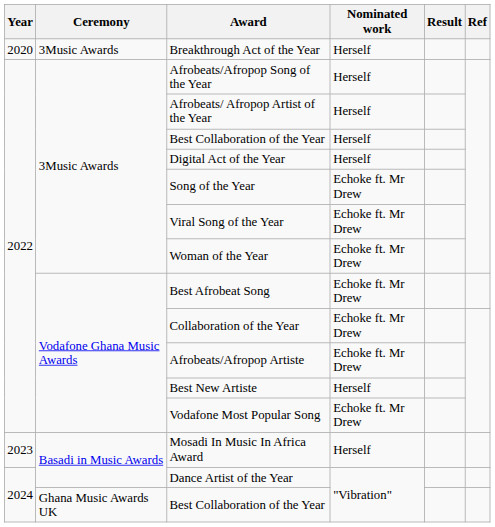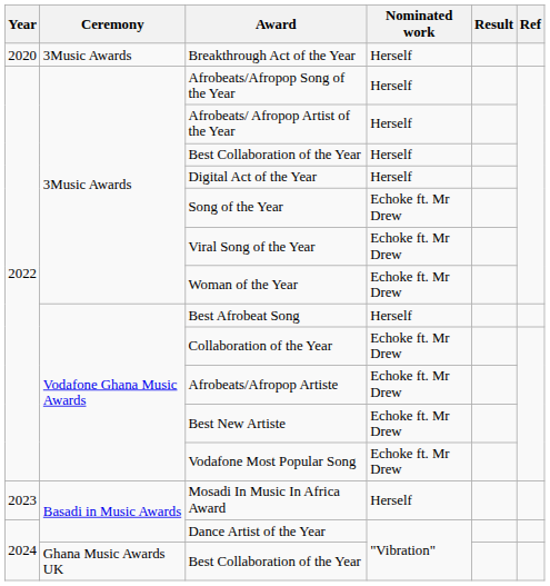 <table class="wikitable">
 <tr>
 <th>Year</th>
 <th>Ceremony</th>
 <th>Award</th>
 <th>Nominated work</th>
 <th>Result</th>
 <th>Ref</th>
 </tr>
 <tr>
 <td>2020</td>
 <td>3Music Awards</td>
 <td>Breakthrough Act of the Year</td>
 <td>Herself</td>
 <td></td>
 <td></td>
 </tr>
 <tr>
 <td rowspan="12">2022</td>
 <td rowspan="7">3Music Awards</td>
 <td>Afrobeats/Afropop Song of the Year</td>
 <td>Herself</td>
 <td></td>
 <td rowspan="7"></td>
 </tr>
 <tr>
 <td>Afrobeats/ Afropop Artist of the Year</td>
 <td>Herself</td>
 <td></td>
 </tr>
 <tr>
 <td>Best Collaboration of the Year</td>
 <td>Herself</td>
 <td></td>
 </tr>
 <tr>
 <td>Digital Act of the Year</td>
 <td>Herself</td>
 <td></td>
 </tr>
 <tr>
 <td>Song of the Year</td>
 <td>Echoke ft. Mr Drew</td>
 <td></td>
 </tr>
 <tr>
 <td>Viral Song of the Year</td>
 <td>Echoke ft. Mr Drew</td>
 <td></td>
 </tr>
 <tr>
 <td>Woman of the Year</td>
 <td>Echoke ft. Mr Drew</td>
 <td></td>
 </tr>
 <tr>
 <td rowspan="5"><a href='#'>Vodafone Ghana Music Awards</a></td>
 <td>Best Afrobeat Song</td>
-<td>Echoke ft. Mr Drew</td>
+<td>Herself</td>
 <td></td>
 <td></td>
 </tr>
 <tr>
 <td>Collaboration of the Year</td>
 <td>Echoke ft. Mr Drew</td>
 <td></td>
 <td rowspan="4"></td>
 </tr>
 <tr>
 <td>Afrobeats/Afropop Artiste</td>
 <td>Echoke ft. Mr Drew</td>
 <td></td>
 </tr>
 <tr>
 <td>Best New Artiste</td>
-<td>Herself</td>
+<td>Echoke ft. Mr Drew</td>
 <td></td>
 </tr>
 <tr>
 <td>Vodafone Most Popular Song</td>
 <td>Echoke ft. Mr Drew</td>
 <td></td>
 </tr>
 <tr>
 <td>2023</td>
 <td rowspan=2><a href='#'>Basadi in Music Awards</a></td>
 <td>Mosadi In Music In Africa Award</td>
 <td>Herself</td>
 <td></td>
 <td><br>  </td>
 </tr>
 <tr>
 <td rowspan=2>2024</td>
 <td>Dance Artist of the Year</td>
 <td rowspan=2>"Vibration"</td>
 <td></td>
 <td></td>
 </tr>
 <tr>
 <td>Ghana Music Awards UK</td>
 <td>Best Collaboration of the Year</td>
 <td></td>
 <td></td>
 </tr>
 </table>
